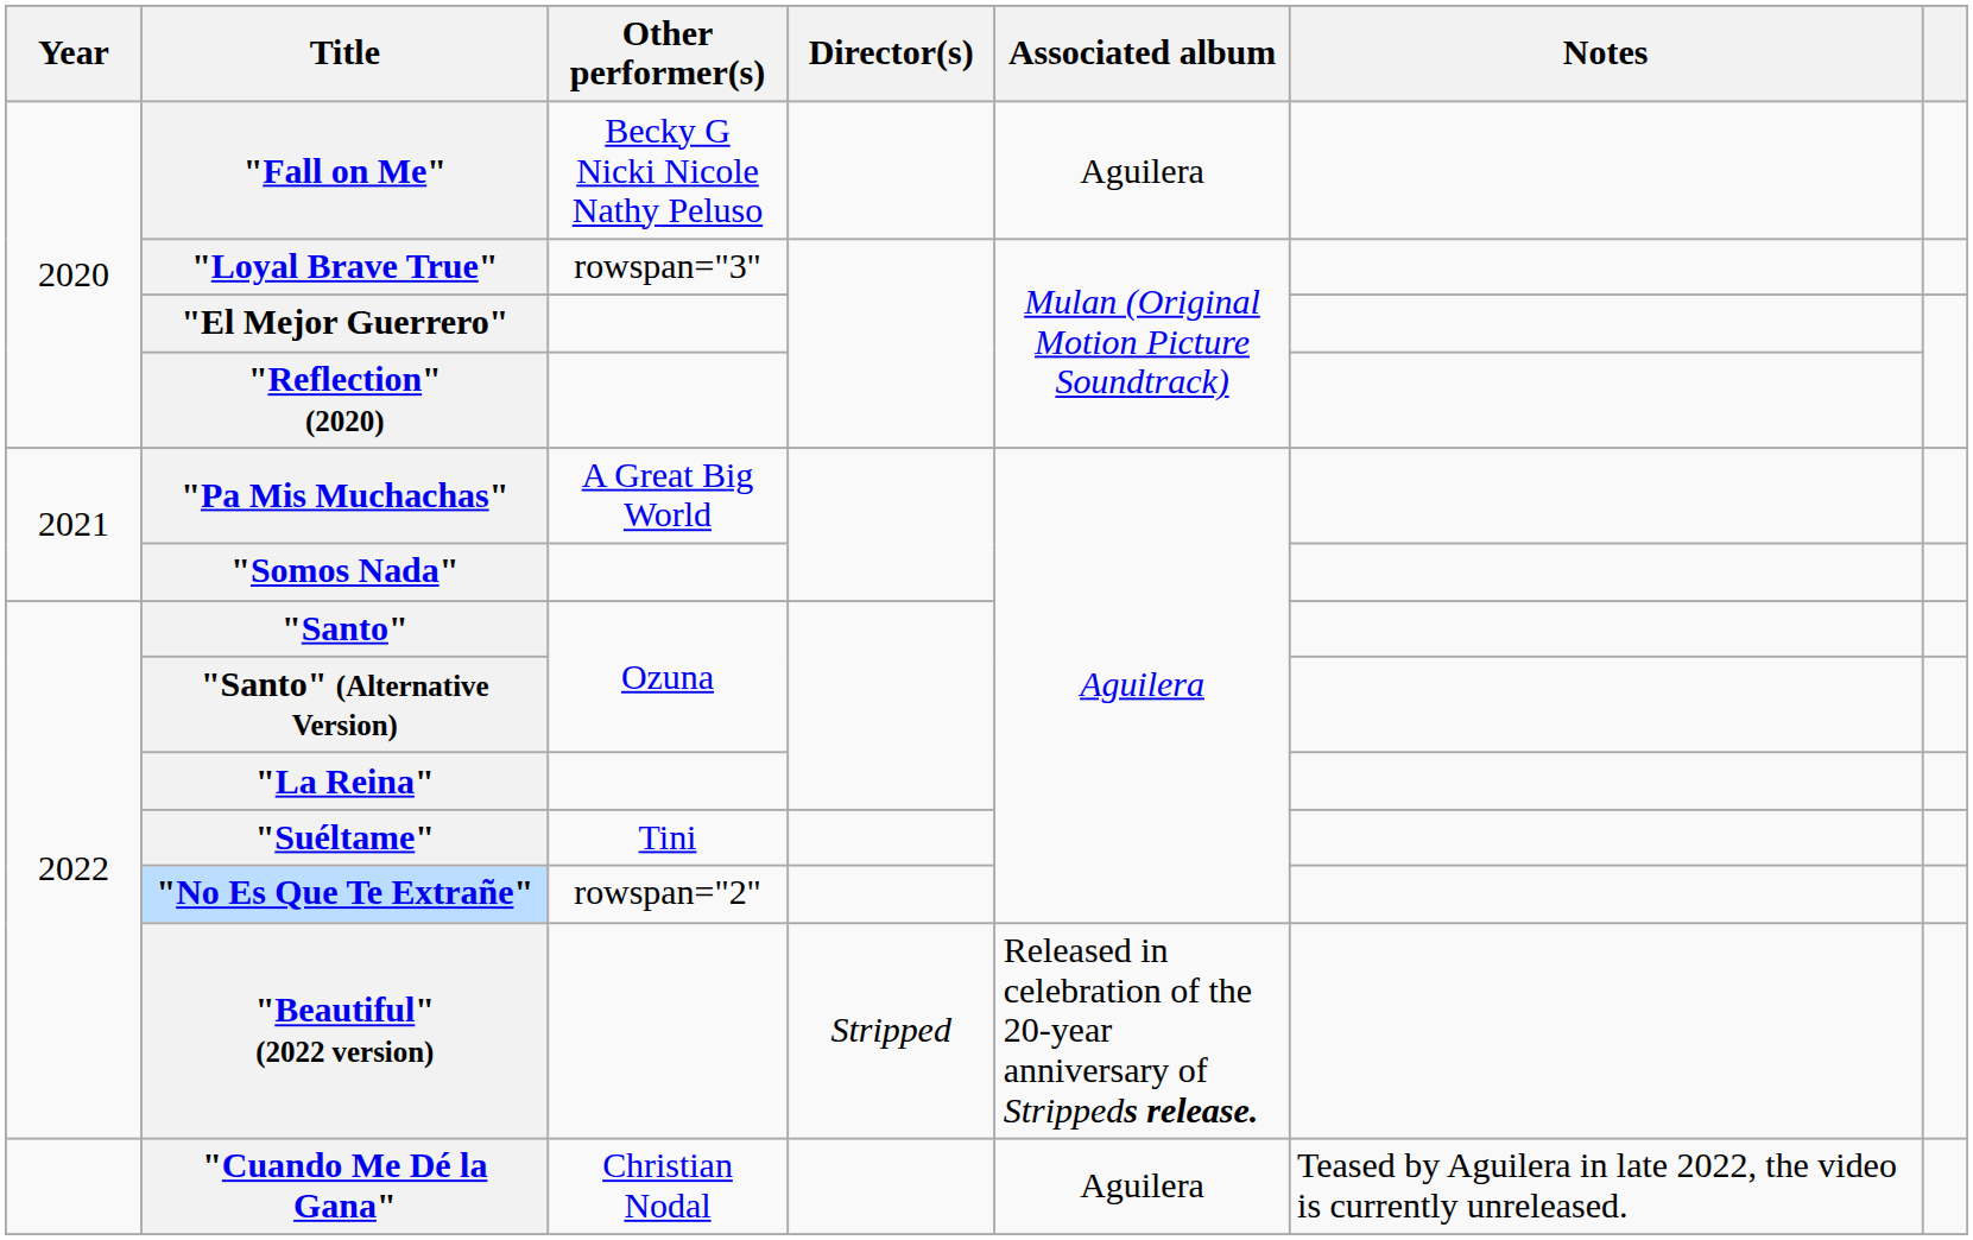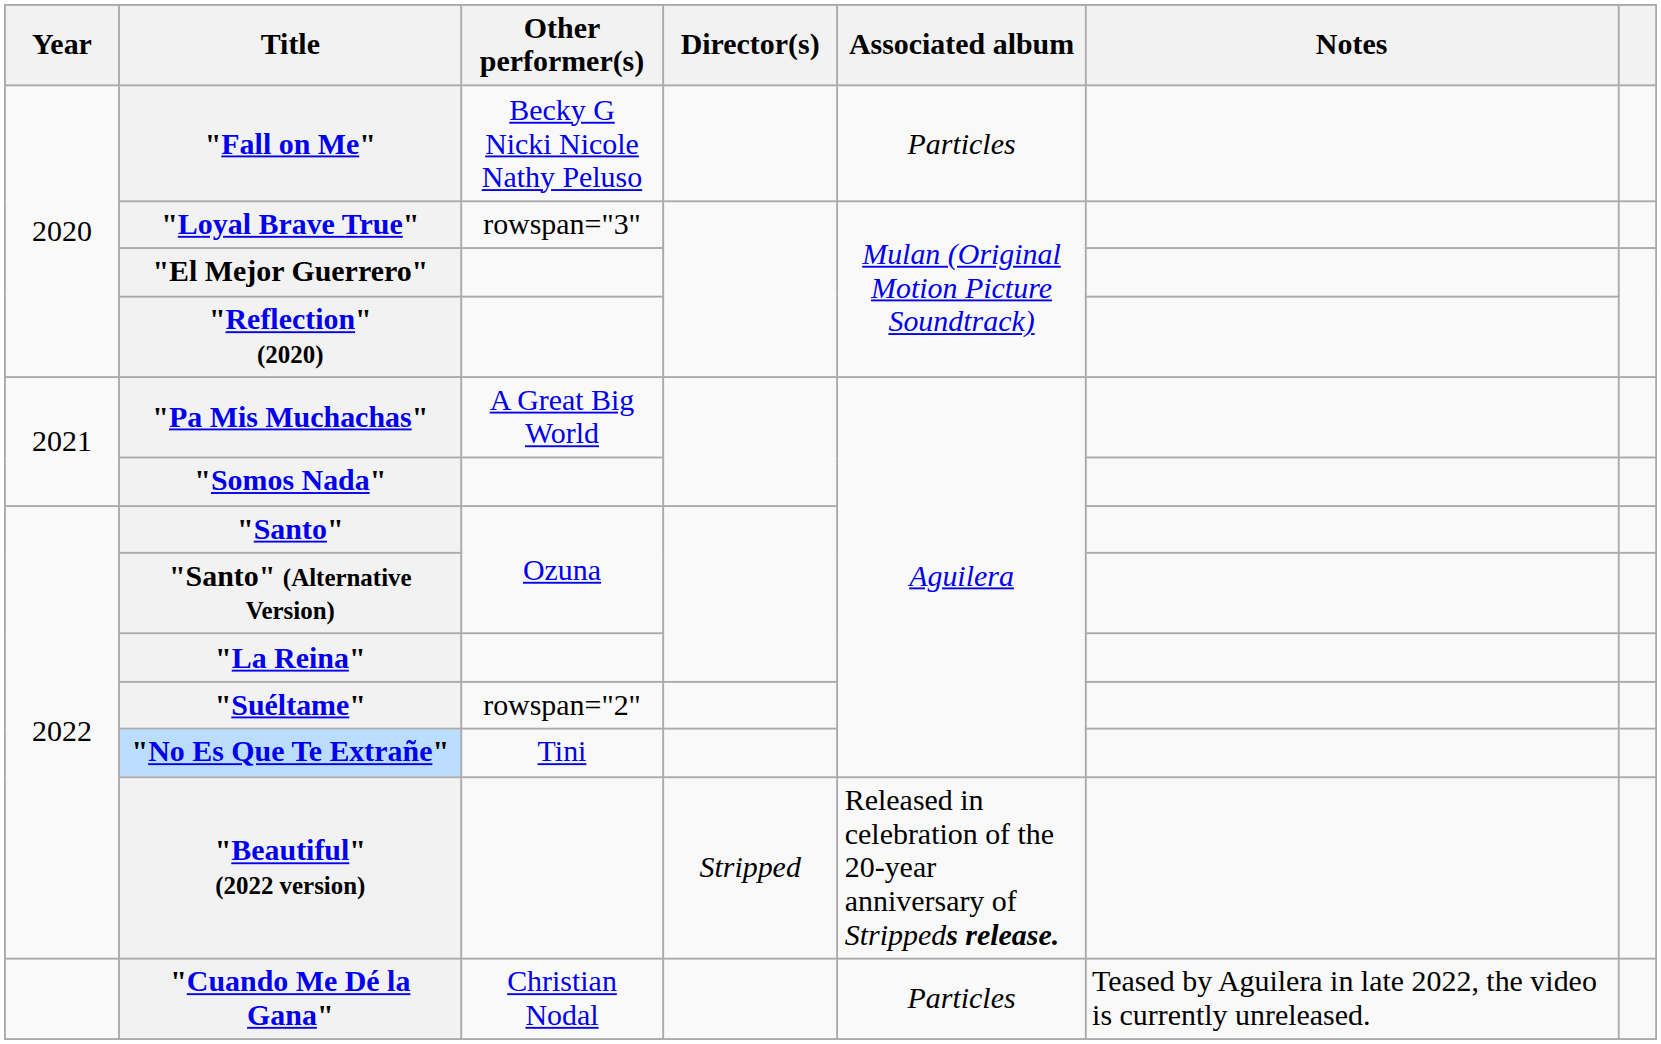 <table class="wikitable sortable plainrowheaders" style="text-align:center;" width="100%;">
 <tr>
 <th scope="col" style="width:6%;">Year</th>
 <th scope="col" style="width:18%;">Title</th>
 <th scope="col" style="width:9%;">Other performer(s)</th>
 <th scope="col" style="width:9%;">Director(s)</th>
 <th scope="col" style="width:13%;">Associated album</th>
 <th class="unsortable" scope="col" style="width:28%;">Notes</th>
 <th class="unsortable" scope="col" style="width:2%;"></th>
 </tr>
 <tr>
 <td rowspan="4">2020</td>
 <th scope="row">"<a href='#'>Fall on Me</a>"</th>
 <td><a href='#'>Becky G</a><br><a href='#'>Nicki Nicole</a><br><a href='#'>Nathy Peluso</a></td>
 <td></td>
-<td></em>Aguilera<em></td>
+<td><em>Particles</em></td>
 <td></td>
 <td></td>
 </tr>
 <tr>
 <th scope="row">"<a href='#'>Loyal Brave True</a>"</th>
 <td>rowspan="3" </td>
 <td rowspan="3"></td>
 <td rowspan="3"><em><a href='#'>Mulan (Original Motion Picture Soundtrack)</a></em></td>
 <td></td>
 <td></td>
 </tr>
 <tr>
 <th scope="row">"El Mejor Guerrero"</th>
 <td></td>
 <td></td>
 </tr>
 <tr>
 <th scope="row">"<a href='#'>Reflection</a>"<br><small>(2020)</small></th>
 <td></td>
 <td></td>
 </tr>
 <tr>
 <td rowspan="2">2021</td>
 <th scope="row">"<a href='#'>Pa Mis Muchachas</a>"</th>
 <td><a href='#'>A Great Big World</a></td>
 <td rowspan="2"></td>
 <td rowspan="7"><em><a href='#'>Aguilera</a></em></td>
 <td></td>
 <td></td>
 </tr>
 <tr>
 <th scope="row">"<a href='#'>Somos Nada</a>"</th>
 <td></td>
 <td></td>
 <td></td>
 </tr>
 <tr>
 <td rowspan="6">2022</td>
 <th scope="row">"<a href='#'>Santo</a>"</th>
 <td rowspan="2"><a href='#'>Ozuna</a></td>
 <td rowspan="3"></td>
 <td></td>
 <td></td>
 </tr>
 <tr>
 <th scope="row">"Santo" <small>(Alternative Version)</small></th>
 <td></td>
 <td></td>
 </tr>
 <tr>
 <th scope="row">"<a href='#'>La Reina</a>"</th>
 <td></td>
 <td></td>
 <td></td>
 </tr>
 <tr>
 <th scope="row">"<a href='#'>Suéltame</a>"</th>
-<td><a href='#'>Tini</a></td>
+<td>rowspan="2" </td>
 <td></td>
 <td></td>
 <td></td>
 </tr>
 <tr>
 <th style="background:#bdf;" scope="row">"<a href='#'>No Es Que Te Extrañe</a>"</th>
-<td>rowspan="2" </td>
+<td><a href='#'>Tini</a></td>
 <td><br></td>
 <td></td>
 <td></td>
 </tr>
 <tr>
 <th scope="row">"<a href='#'>Beautiful</a>"<br><small>(2022 version)</small></th>
 <td></td>
 <td><em>Stripped</em></td>
 <td style="text-align:left;">Released in celebration of the 20-year anniversary of <em>Stripped<strong>s release.</td>
 <td></td>
 </tr>
 <tr>
 <td></td>
 <th scope="row">"<a href='#'>Cuando Me Dé la Gana</a>"</th>
 <td><a href='#'>Christian Nodal</a></td>
 <td></td>
-<td></em>Aguilera<em></td>
+<td><em>Particles</em></td>
 <td style="text-align:left;">Teased by Aguilera in late 2022, the video is currently unreleased.</td>
 <td></td>
 </tr>
 </table>
